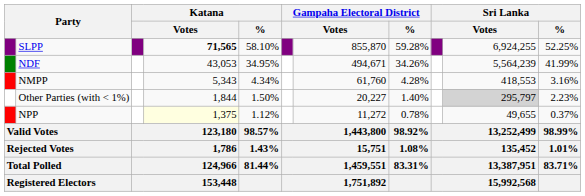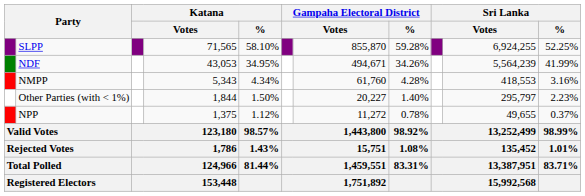 <table class="wikitable">
 <tr>
 <th colspan="2" width="144px"rowspan="2">Party</th>
 <th colspan="3" width="216px">Katana</th>
 <th colspan="3" width="216px"><a href='#'>Gampaha Electoral District</a></th>
 <th colspan="3" width="216px">Sri Lanka</th>
 </tr>
 <tr>
 <th colspan="2" width="144px">Votes</th>
 <th>%</th>
 <th colspan="2" width="144px">Votes</th>
 <th>%</th>
 <th colspan="2" width="144px">Votes</th>
 <th>%</th>
 </tr>
 <tr>
 <td style="background-color:purple;" width="10px"></td>
 <td style="text-align:left;"><a href='#'>SLPP</a></td>
 <td style="background-color:purple;" width="10px"></td>
-<td style="text-align:right;"><strong>71,565</strong></td>
+<td style="text-align:right;">71,565</td>
 <td style="text-align:right;">58.10%</td>
 <td style="background-color:purple;" width="10px"></td>
 <td style="text-align:right;">855,870</td>
 <td style="text-align:right;">59.28%</td>
 <td style="background-color:purple;" width="10px"></td>
 <td style="text-align:right;">6,924,255</td>
 <td style="text-align:right;">52.25%</td>
 </tr>
 <tr>
 <td style="background-color:green;" width="10px"></td>
 <td style="text-align:left;"><a href='#'>NDF</a></td>
 <td style="background-color:white;" width="10px"></td>
 <td style="text-align:right;">43,053</td>
 <td style="text-align:right;">34.95%</td>
 <td style="background-color:white;" width="10px"></td>
 <td style="text-align:right;">494,671</td>
 <td style="text-align:right;">34.26%</td>
 <td style="background-color:white;" width="10px"></td>
 <td style="text-align:right;">5,564,239</td>
 <td style="text-align:right;">41.99%</td>
 </tr>
 <tr>
 <td style="background-color:red;" width="10px"></td>
 <td style="text-align:left;">NMPP</td>
 <td style="background-color:white;" width="10px"></td>
 <td style="text-align:right;">5,343</td>
 <td style="text-align:right;">4.34%</td>
 <td style="background-color:white;" width="10px"></td>
 <td style="text-align:right;">61,760</td>
 <td style="text-align:right;">4.28%</td>
 <td style="background-color:white;" width="10px"></td>
 <td style="text-align:right;">418,553</td>
 <td style="text-align:right;">3.16%</td>
 </tr>
 <tr>
 <td style="background-color:white;" width="10px"></td>
 <td style="text-align:left;">Other Parties (with < 1%)</td>
 <td style="background-color:white;" width="10px"></td>
 <td style="text-align:right;">1,844</td>
 <td style="text-align:right;">1.50%</td>
 <td style="background-color:white;" width="10px"></td>
 <td style="text-align:right;">20,227</td>
 <td style="text-align:right;">1.40%</td>
 <td style="background-color:white;" width="10px"></td>
-<td style="background: lightgrey; text-align:right;">295,797</td>
+<td style="text-align:right;">295,797</td>
 <td style="text-align:right;">2.23%</td>
 </tr>
 <tr>
 <td style="background-color:red;" width="10px"></td>
 <td style="text-align:left;">NPP</td>
 <td style="background-color:white;" width="10px"></td>
-<td style="background: lightyellow; text-align:right;">1,375</td>
+<td style="text-align:right;">1,375</td>
 <td style="text-align:right;">1.12%</td>
 <td style="background-color:white;" width="10px"></td>
 <td style="text-align:right;">11,272</td>
 <td style="text-align:right;">0.78%</td>
 <td style="background-color:white;" width="10px"></td>
 <td style="text-align:right;">49,655</td>
 <td style="text-align:right;">0.37%</td>
 </tr>
 <tr>
 <th colspan="2" width="144px"style="text-align:left;">Valid Votes</th>
 <th style="text-align:right;"colspan="2" width="144px">123,180</th>
 <th style="text-align:right;">98.57%</th>
 <th style="text-align:right;"colspan="2" width="144px">1,443,800</th>
 <th style="text-align:right;">98.92%</th>
 <th style="text-align:right;"colspan="2" width="144px">13,252,499</th>
 <th style="text-align:right;">98.99%</th>
 </tr>
 <tr>
 <th colspan="2" width="144px"style="text-align:left;">Rejected Votes</th>
 <th style="text-align:right;"colspan="2" width="144px">1,786</th>
 <th style="text-align:right;">1.43%</th>
 <th style="text-align:right;"colspan="2" width="144px">15,751</th>
 <th style="text-align:right;">1.08%</th>
 <th style="text-align:right;"colspan="2" width="144px">135,452</th>
 <th style="text-align:right;">1.01%</th>
 </tr>
 <tr>
 <th colspan="2" width="144px"style="text-align:left;">Total Polled</th>
 <th style="text-align:right;"colspan="2" width="144px">124,966</th>
 <th style="text-align:right;">81.44%</th>
 <th style="text-align:right;"colspan="2" width="144px">1,459,551</th>
 <th style="text-align:right;">83.31%</th>
 <th style="text-align:right;"colspan="2" width="144px">13,387,951</th>
 <th style="text-align:right;">83.71%</th>
 </tr>
 <tr>
 <th colspan="2" width="144px"style="text-align:left;">Registered Electors</th>
 <th style="text-align:right;"colspan="2" width="144px">153,448</th>
 <th></th>
 <th style="text-align:right;"colspan="2" width="144px">1,751,892</th>
 <th></th>
 <th style="text-align:right;"colspan="2" width="144px">15,992,568</th>
 <th></th>
 </tr>
 </table>
